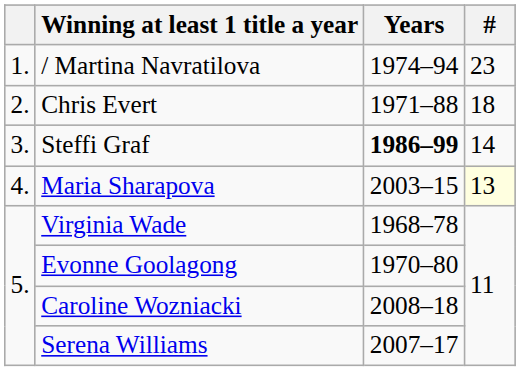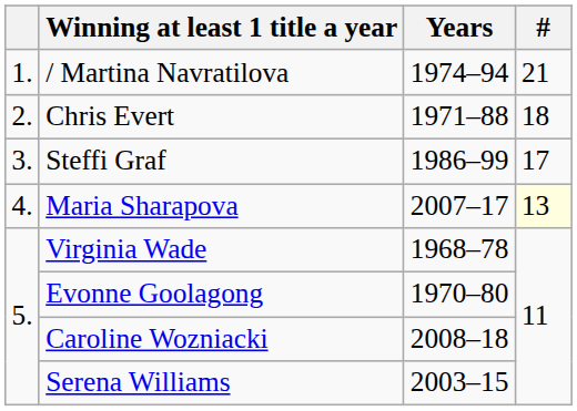 <table class="wikitable" style="display:inline-table">
 <tr>
 <th></th>
 <th>Winning at least 1 title a year</th>
 <th>Years</th>
 <th style="width:25px;">#</th>
 </tr>
 <tr>
 <td>1.</td>
 <td>/ Martina Navratilova</td>
 <td>1974–94</td>
-<td>23</td>
+<td>21</td>
 </tr>
 <tr>
 <td>2.</td>
 <td> Chris Evert</td>
 <td>1971–88</td>
 <td>18</td>
 </tr>
 <tr>
 <td>3.</td>
 <td> Steffi Graf</td>
-<td><strong>1986–99</strong></td>
-<td>14</td>
+<td>1986–99</td>
+<td>17</td>
 </tr>
 <tr>
 <td>4.</td>
 <td> <a href='#'>Maria Sharapova</a></td>
-<td>2003–15</td>
+<td>2007–17</td>
 <td style="background: lightyellow;">13</td>
 </tr>
 <tr>
 <td rowspan=4>5.</td>
 <td> <a href='#'>Virginia Wade</a></td>
 <td>1968–78</td>
 <td rowspan=4>11</td>
 </tr>
 <tr>
 <td> <a href='#'>Evonne Goolagong</a></td>
 <td>1970–80</td>
 </tr>
 <tr>
 <td> <a href='#'>Caroline Wozniacki</a></td>
 <td>2008–18</td>
 </tr>
 <tr>
 <td> <a href='#'>Serena Williams</a></td>
-<td>2007–17</td>
+<td>2003–15</td>
 </tr>
 </table>
